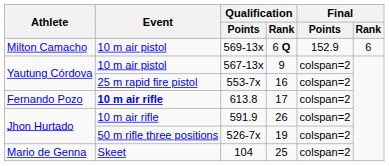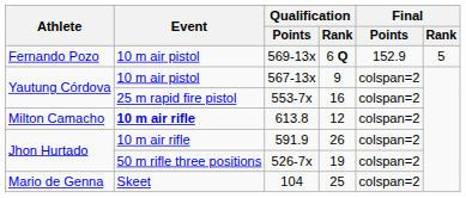 <table class=wikitable style=font-size:90%;text-align:center>
 <tr>
 <th rowspan=2>Athlete</th>
 <th rowspan=2>Event</th>
 <th colspan=2>Qualification</th>
 <th colspan=2>Final</th>
 </tr>
 <tr style=font-size:95%>
 <th>Points</th>
 <th>Rank</th>
 <th>Points</th>
 <th>Rank</th>
 </tr>
 <tr align=center>
-<td align=left><a href='#'>Milton Camacho</a></td>
+<td align=left><a href='#'>Fernando Pozo</a></td>
 <td align=left><a href='#'>10 m air pistol</a></td>
 <td>569-13x</td>
 <td>6 <strong>Q</strong></td>
 <td>152.9</td>
-<td>6</td>
+<td>5</td>
 </tr>
 <tr align=center>
 <td align=left rowspan=2><a href='#'>Yautung Córdova</a></td>
 <td align=left><a href='#'>10 m air pistol</a></td>
 <td>567-13x</td>
 <td>9</td>
 <td>colspan=2 </td>
 </tr>
 <tr align=center>
 <td align=left><a href='#'>25 m rapid fire pistol</a></td>
 <td>553-7x</td>
 <td>16</td>
 <td>colspan=2 </td>
 </tr>
 <tr align=center>
-<td align=left><a href='#'>Fernando Pozo</a></td>
+<td align=left><a href='#'>Milton Camacho</a></td>
 <td align=left><strong><a href='#'>10 m air rifle</a></strong></td>
 <td>613.8</td>
-<td>17</td>
+<td>12</td>
 <td>colspan=2 </td>
 </tr>
 <tr align=center>
 <td align=left rowspan=2><a href='#'>Jhon Hurtado</a></td>
 <td align=left><a href='#'>10 m air rifle</a></td>
 <td>591.9</td>
 <td>26</td>
 <td>colspan=2 </td>
 </tr>
 <tr align=center>
 <td align=left><a href='#'>50 m rifle three positions</a></td>
 <td>526-7x</td>
 <td>19</td>
 <td>colspan=2 </td>
 </tr>
 <tr align=center>
 <td align=left><a href='#'>Mario de Genna</a></td>
 <td align=left><a href='#'>Skeet</a></td>
 <td>104</td>
 <td>25</td>
 <td>colspan=2 </td>
 </tr>
 </table>
